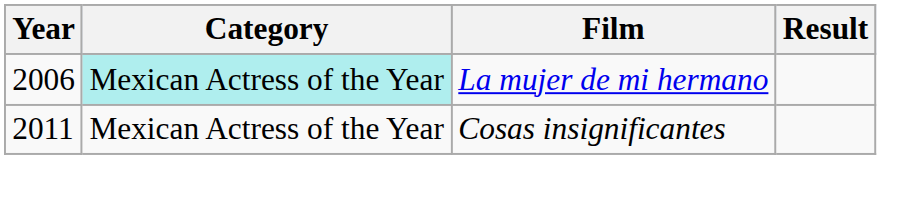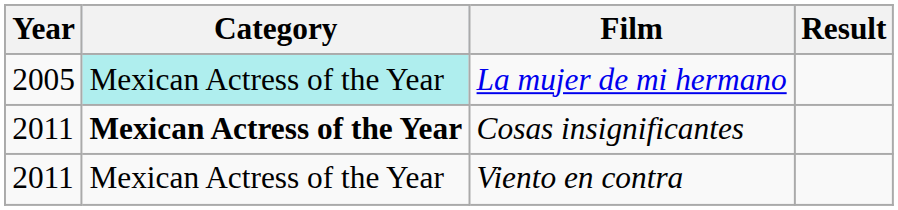 <table class="wikitable">
 <tr style="background:#b0c4de;">
 <th>Year</th>
 <th>Category</th>
 <th>Film</th>
 <th>Result</th>
 </tr>
 <tr>
-<td>2006</td>
+<td>2005</td>
 <td style="background: paleturquoise;">Mexican Actress of the Year</td>
 <td><em><a href='#'>La mujer de mi hermano</a></em></td>
 <td></td>
 </tr>
 <tr>
 <td>2011</td>
-<td>Mexican Actress of the Year</td>
+<td><strong>Mexican Actress of the Year</strong></td>
 <td><em>Cosas insignificantes</em></td>
 <td></td>
 </tr>
+<tr>
+<td>2011</td>
+<td>Mexican Actress of the Year</td>
+<td><em>Viento en contra</em></td>
+<td></td>
+</tr>
 </table>
